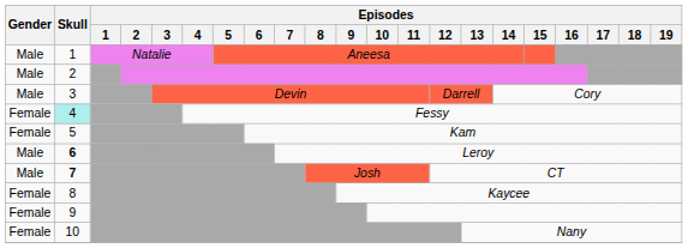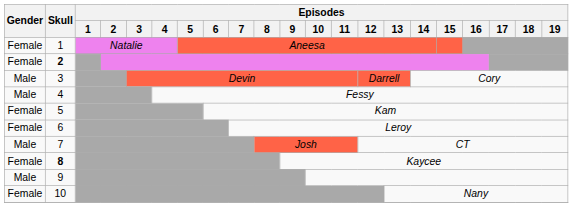 <table class="wikitable" style="text-align:center">
 <tr>
 <th rowspan="2">Gender</th>
 <th rowspan="2">Skull</th>
 <th colspan="19">Episodes</th>
 </tr>
 <tr>
 <th scope="col" style="width:35px;">1</th>
 <th scope="col" style="width:35px;">2</th>
 <th scope="col" style="width:35px;">3</th>
 <th scope="col" style="width:35px;">4</th>
 <th scope="col" style="width:35px;">5</th>
 <th scope="col" style="width:35px;">6</th>
 <th scope="col" style="width:35px;">7</th>
 <th scope="col" style="width:35px;">8</th>
 <th scope="col" style="width:35px;">9</th>
 <th scope="col" style="width:35px;">10</th>
 <th scope="col" style="width:35px;">11</th>
 <th scope="col" style="width:35px;">12</th>
 <th scope="col" style="width:35px;">13</th>
 <th scope="col" style="width:35px;">14</th>
 <th scope="col" style="width:35px;">15</th>
 <th scope="col" style="width:35px;">16</th>
 <th scope="col" style="width:35px;">17</th>
 <th scope="col" style="width:35px;">18</th>
 <th scope="col" style="width:35px;">19</th>
 </tr>
 <tr>
-<td>Male</td>
+<td>Female</td>
 <td>1</td>
 <td colspan=4 bgcolor="violet"><em>Natalie</em></td>
 <td colspan=10 bgcolor="tomato"><em>Aneesa</em></td>
 <td colspan=1 bgcolor="tomato"></td>
 <td colspan=4 bgcolor="darkgray"></td>
 </tr>
 <tr>
-<td>Male</td>
-<td>2</td>
+<td>Female</td>
+<td><strong>2</strong></td>
 <td colspan=1 bgcolor="darkgray"></td>
 <td colspan=15 bgcolor="violet"></td>
 <td colspan=3 bgcolor="darkgray"></td>
 </tr>
 <tr>
 <td>Male</td>
 <td>3</td>
 <td colspan=2 bgcolor="darkgray"></td>
 <td colspan=9 bgcolor="tomato"><em>Devin</em></td>
 <td colspan=2 bgcolor="tomato"><em>Darrell</em></td>
 <td colspan=6><em>Cory</em></td>
 </tr>
 <tr>
-<td>Female</td>
-<td style="background: paleturquoise;">4</td>
+<td>Male</td>
+<td>4</td>
 <td colspan=3 bgcolor="darkgray"></td>
 <td colspan=16><em>Fessy</em></td>
 </tr>
 <tr>
 <td>Female</td>
 <td>5</td>
 <td colspan=5 bgcolor="darkgray"></td>
 <td colspan=14><em>Kam</em></td>
 </tr>
 <tr>
-<td>Male</td>
-<td><strong>6</strong></td>
+<td>Female</td>
+<td>6</td>
 <td colspan=6 bgcolor="darkgray"></td>
 <td colspan=13><em>Leroy</em></td>
 </tr>
 <tr>
 <td>Male</td>
-<td><strong>7</strong></td>
+<td>7</td>
 <td colspan=7 bgcolor="darkgray"></td>
 <td colspan=4 bgcolor="tomato"><em>Josh</em></td>
 <td colspan=8><em>CT</em></td>
 </tr>
 <tr>
 <td>Female</td>
-<td>8</td>
+<td><strong>8</strong></td>
 <td colspan=8 bgcolor="darkgray"></td>
 <td colspan=11><em>Kaycee</em></td>
 </tr>
 <tr>
-<td>Female</td>
+<td>Male</td>
 <td>9</td>
 <td colspan=9 bgcolor="darkgray"></td>
 <td colspan=10></td>
 </tr>
 <tr>
 <td>Female</td>
 <td>10</td>
 <td colspan=12 bgcolor="darkgray"></td>
 <td colspan=7><em>Nany</em></td>
 </tr>
 <tr>
 </tr>
 </table>
